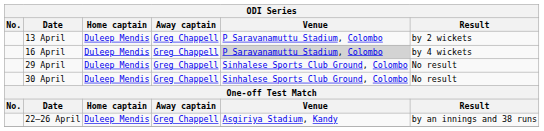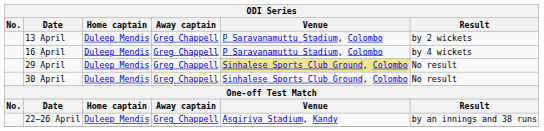 <table class="wikitable">
 <tr>
 <th colspan="9">ODI Series</th>
 </tr>
 <tr>
 <th>No.</th>
 <th>Date</th>
 <th>Home captain</th>
 <th>Away captain</th>
 <th>Venue</th>
 <th>Result</th>
 </tr>
 <tr>
 <td></td>
 <td>13 April</td>
 <td><a href='#'>Duleep Mendis</a></td>
 <td><a href='#'>Greg Chappell</a></td>
 <td><a href='#'>P Saravanamuttu Stadium</a>, <a href='#'>Colombo</a></td>
 <td> by 2 wickets</td>
 </tr>
 <tr>
 <td></td>
 <td>16 April</td>
 <td><a href='#'>Duleep Mendis</a></td>
 <td><a href='#'>Greg Chappell</a></td>
-<td style="background: lightgrey;"><a href='#'>P Saravanamuttu Stadium</a>, <a href='#'>Colombo</a></td>
+<td><a href='#'>P Saravanamuttu Stadium</a>, <a href='#'>Colombo</a></td>
 <td> by 4 wickets</td>
 </tr>
 <tr>
 <td></td>
 <td>29 April</td>
 <td><a href='#'>Duleep Mendis</a></td>
 <td><a href='#'>Greg Chappell</a></td>
-<td><a href='#'>Sinhalese Sports Club Ground</a>, <a href='#'>Colombo</a></td>
+<td style="background: khaki;"><a href='#'>Sinhalese Sports Club Ground</a>, <a href='#'>Colombo</a></td>
 <td>No result</td>
 </tr>
 <tr>
 <td></td>
 <td>30 April</td>
 <td><a href='#'>Duleep Mendis</a></td>
-<td><a href='#'>Greg Chappell</a></td>
+<td style="background: lightyellow;"><a href='#'>Greg Chappell</a></td>
 <td><a href='#'>Sinhalese Sports Club Ground</a>, <a href='#'>Colombo</a></td>
 <td>No result</td>
 </tr>
 <tr>
 <th colspan="9">One-off Test Match</th>
 </tr>
 <tr>
 <th>No.</th>
 <th>Date</th>
 <th>Home captain</th>
 <th>Away captain</th>
 <th>Venue</th>
 <th>Result</th>
 </tr>
 <tr>
 <td></td>
 <td>22–26 April</td>
 <td><a href='#'>Duleep Mendis</a></td>
 <td><a href='#'>Greg Chappell</a></td>
 <td><a href='#'>Asgiriya Stadium</a>, <a href='#'>Kandy</a></td>
 <td> by an innings and 38 runs</td>
 </tr>
 <tr>
 </tr>
 </table>
